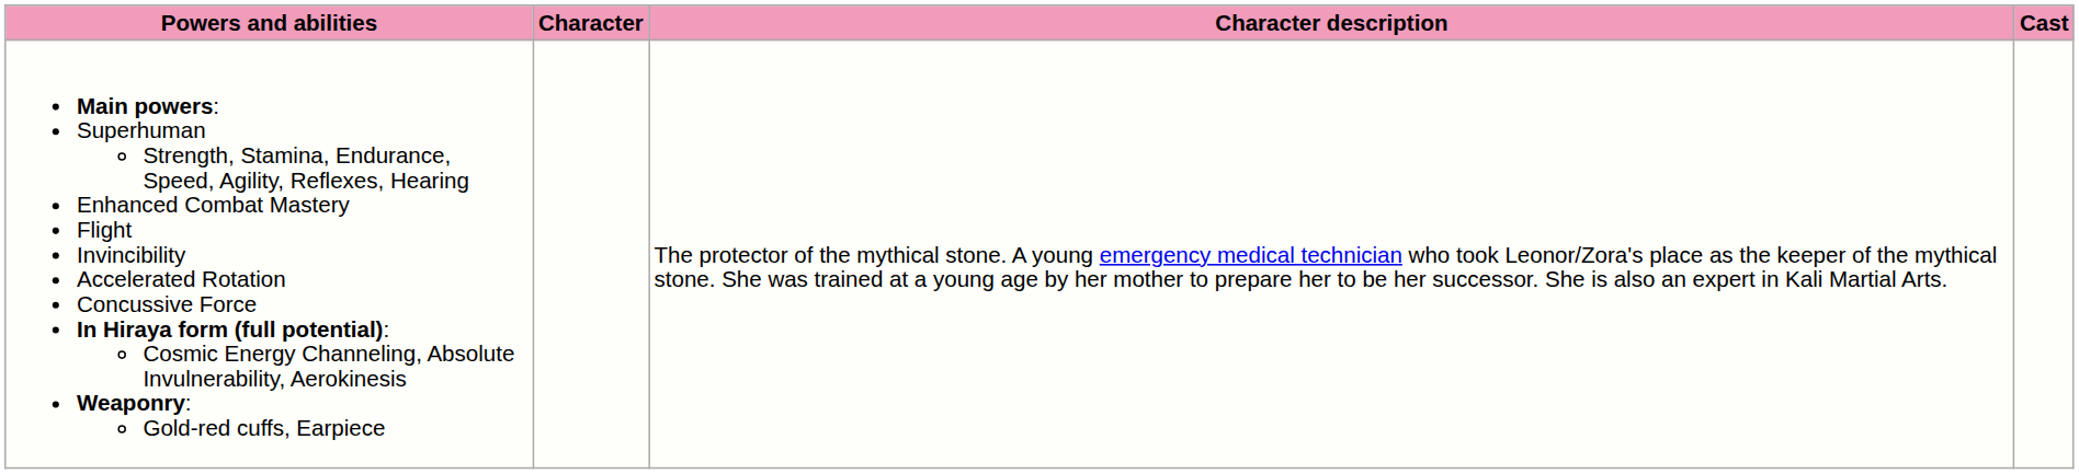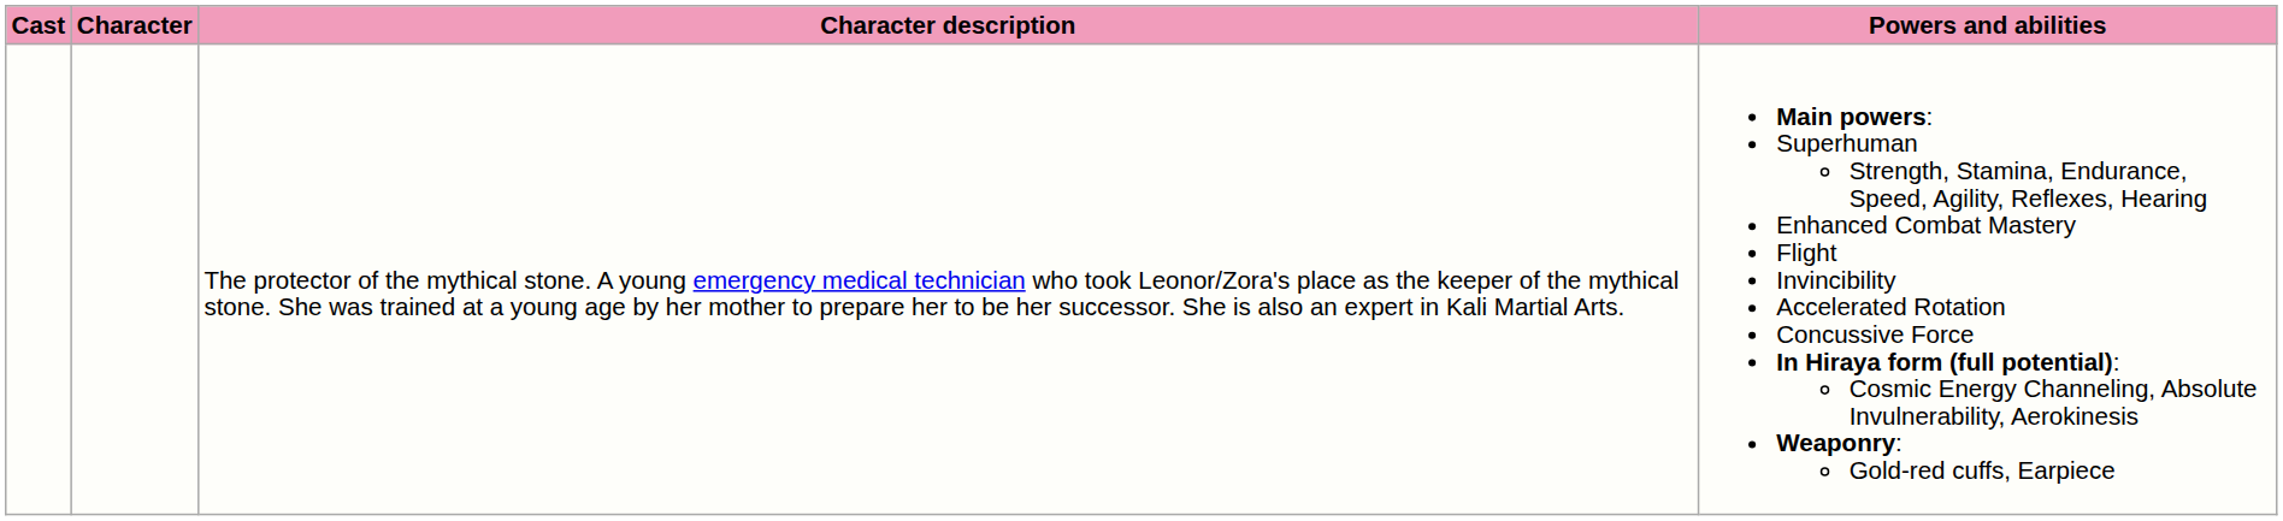 <table class="wikitable" style=" background:#FEFEFA; font-size: 85%;">
 <tr>
-<th style="background:#F19CBB;">Powers and abilities</th>
+<th style="background:#F19CBB;">Cast</th>
 <th style="background:#F19CBB; ">Character</th>
 <th style="background:#F19CBB;">Character description</th>
-<th style="background:#F19CBB;">Cast</th>
+<th style="background:#F19CBB;">Powers and abilities</th>
 </tr>
 <tr>
-<td><br><ul><li><strong>Main powers</strong>:</li><li>Superhuman<ul><li>Strength, Stamina, Endurance, Speed, Agility, Reflexes, Hearing</li></ul></li><li>Enhanced Combat Mastery</li><li>Flight</li><li>Invincibility</li><li>Accelerated Rotation</li><li>Concussive Force</li><li><strong>In Hiraya form (full potential)</strong>:<ul><li>Cosmic Energy Channeling, Absolute Invulnerability, Aerokinesis</li></ul></li><li><strong>Weaponry</strong>:<ul><li>Gold-red cuffs, Earpiece</li></ul></li></ul></td>
+<td></td>
 <td></td>
 <td><br>The protector of the mythical stone. A young <a href='#'>emergency medical technician</a> who took Leonor/Zora's place as the keeper of the mythical stone. She was trained at a young age by her mother to prepare her to be her successor. She is also an expert in Kali Martial Arts.</td>
-<td></td>
+<td><br><ul><li><strong>Main powers</strong>:</li><li>Superhuman<ul><li>Strength, Stamina, Endurance, Speed, Agility, Reflexes, Hearing</li></ul></li><li>Enhanced Combat Mastery</li><li>Flight</li><li>Invincibility</li><li>Accelerated Rotation</li><li>Concussive Force</li><li><strong>In Hiraya form (full potential)</strong>:<ul><li>Cosmic Energy Channeling, Absolute Invulnerability, Aerokinesis</li></ul></li><li><strong>Weaponry</strong>:<ul><li>Gold-red cuffs, Earpiece</li></ul></li></ul></td>
 </tr>
 </table>
